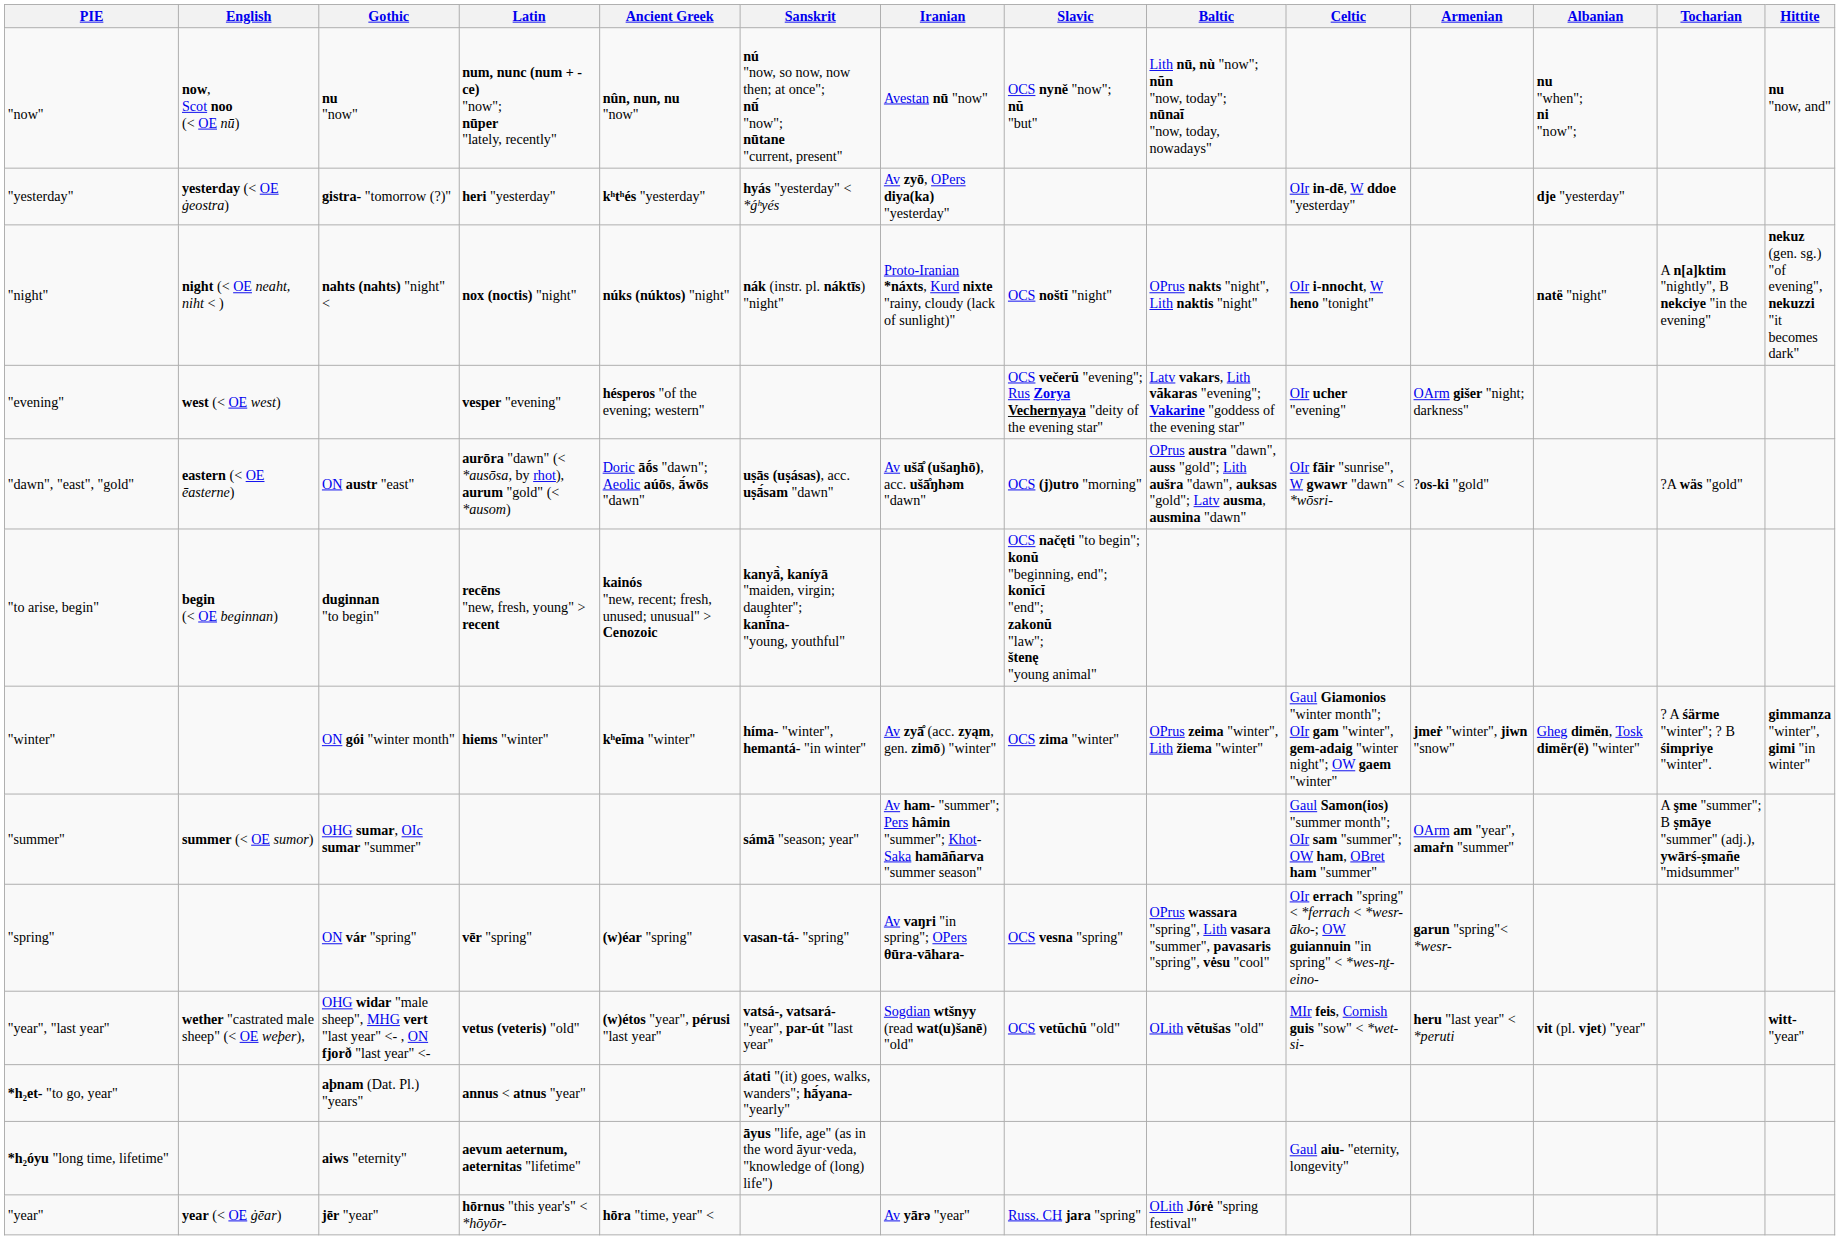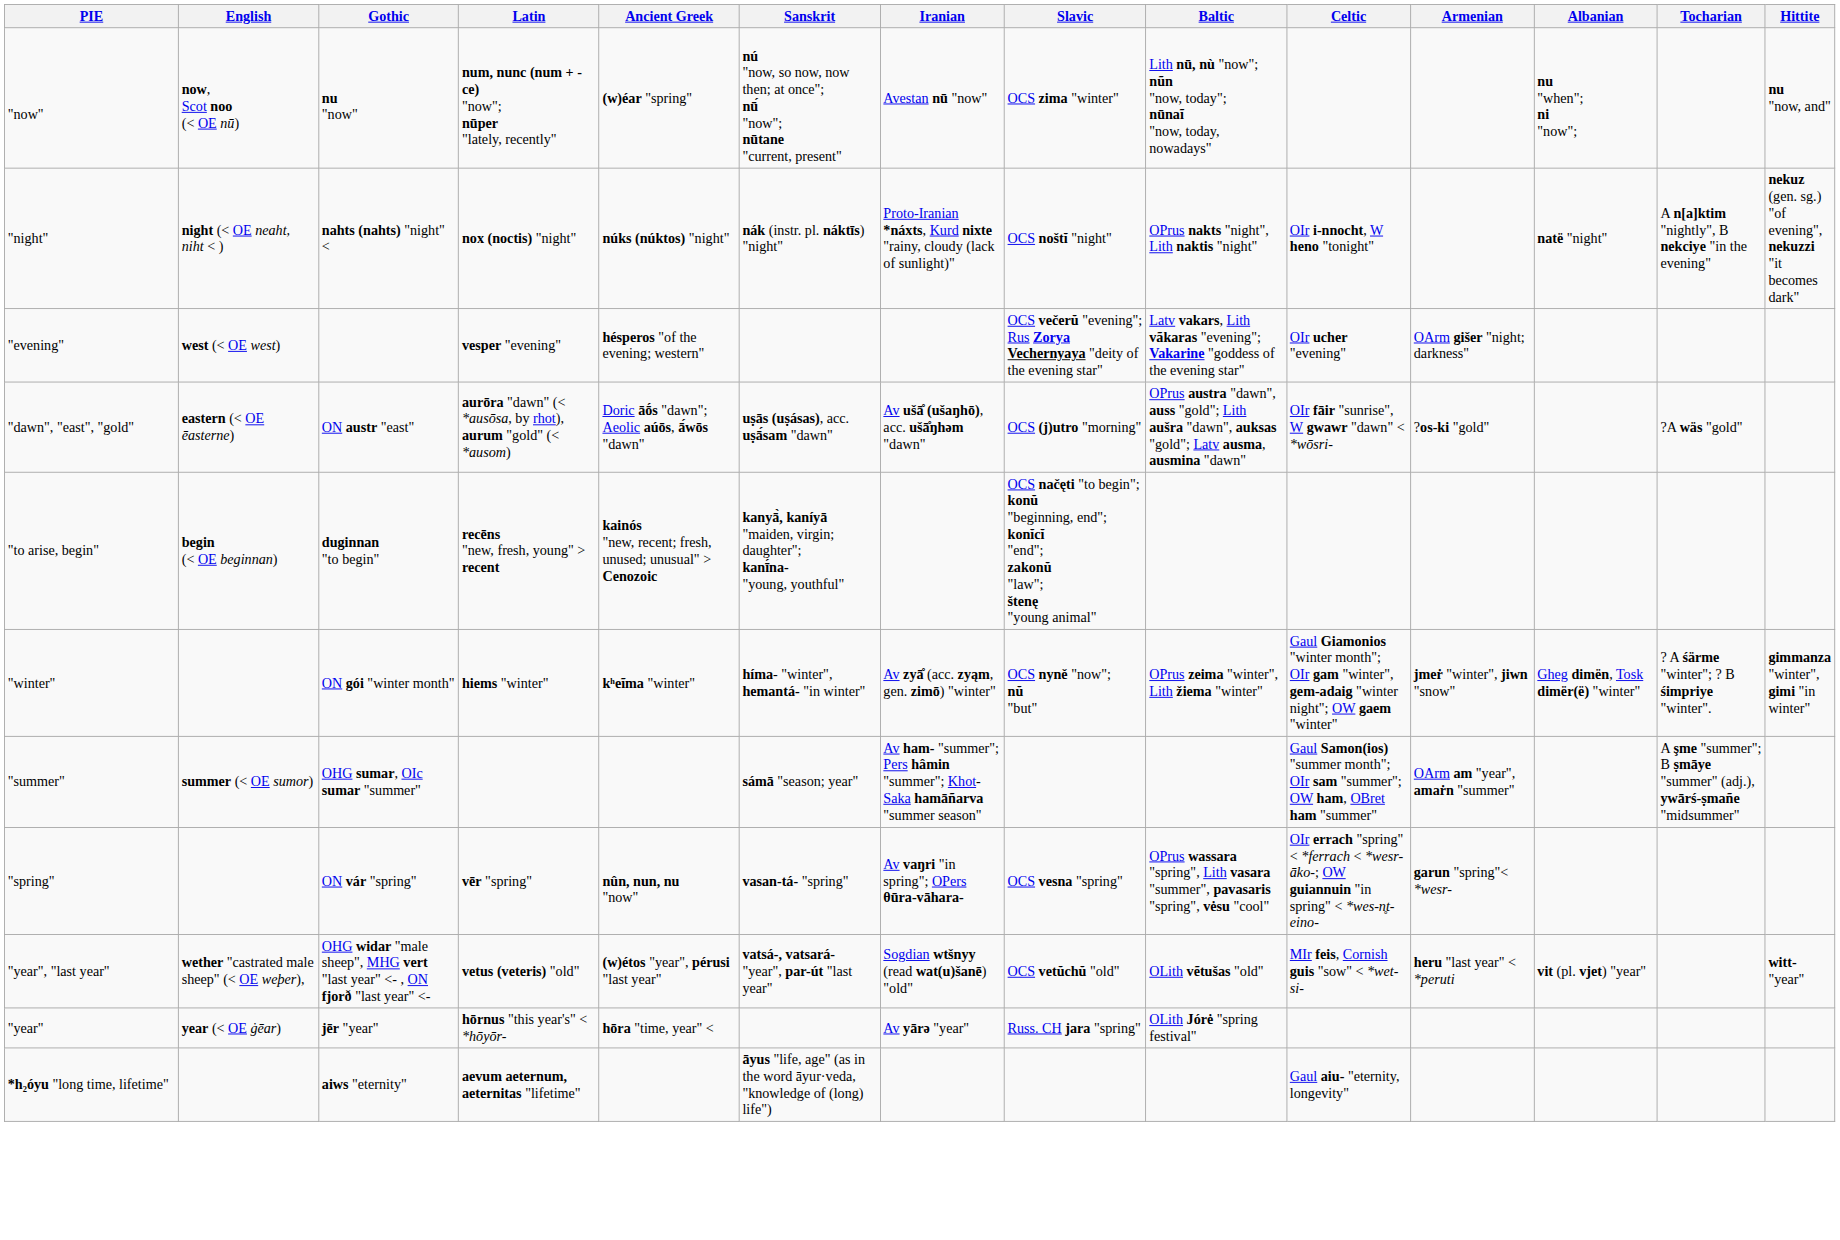 <table class="wikitable sticky-header" style="font-size:95%;">
 <tr>
 <th width="10%"><a href='#'>PIE</a></th>
 <th width="8%"><a href='#'>English</a></th>
 <th width="8%"><a href='#'>Gothic</a></th>
 <th width="8%"><a href='#'>Latin</a></th>
 <th width="8%"><a href='#'>Ancient Greek</a></th>
 <th width="8%"><a href='#'>Sanskrit</a></th>
 <th width="7%"><a href='#'>Iranian</a></th>
 <th width="8%"><a href='#'>Slavic</a></th>
 <th width="8%"><a href='#'>Baltic</a></th>
 <th width="7%"><a href='#'>Celtic</a></th>
 <th width="7%"><a href='#'>Armenian</a></th>
 <th width="7%"><a href='#'>Albanian</a></th>
 <th width="7%"><a href='#'>Tocharian</a></th>
 <th width="7%"><a href='#'>Hittite</a></th>
 </tr>
 <tr>
 <td><br>  <strong></strong><br> "now" <br>    </td>
 <td><br><strong>now</strong>, <br><a href='#'>Scot</a> <strong>noo</strong> <br> (< <a href='#'>OE</a> <em>nū</em>)</td>
 <td><br><strong>nu</strong><br> "now"</td>
 <td><br><strong>num, nunc (num + -ce)</strong><br> "now"; <br> <strong>nūper</strong><br> "lately, recently"</td>
-<td><br><strong>nûn, nun, nu</strong><br> "now"</td>
+<td><strong>(w)éar</strong> "spring"</td>
 <td><br><strong>nú</strong><br> "now, so now, now then; at once";<br> <strong>nū́</strong><br> "now";<br> <strong>nūtane</strong><br> "current, present"</td>
 <td><a href='#'>Avestan</a> <strong>nū</strong> "now"</td>
-<td><br><a href='#'>OCS</a>  <strong>nyně</strong> "now";<br> <strong>nŭ</strong><br> "but"</td>
+<td><a href='#'>OCS</a> <strong>zima</strong> "winter"</td>
 <td><br><a href='#'>Lith</a> <strong> nū, nù</strong> "now";<br> <strong>nũn</strong><br> "now, today";<br> <strong>nūnaĩ</strong><br> "now, today, nowadays"</td>
 <td></td>
 <td></td>
 <td><br><strong>nu</strong><br> "when";<br>  <strong>ni</strong><br> "now";<br></td>
 <td></td>
 <td><strong>nu</strong><br> "now, and"</td>
-</tr>
-<tr>
-<td><strong></strong> "yesterday"</td>
-<td><strong>yesterday</strong> (< <a href='#'>OE</a> <em>ġeostra</em>)</td>
-<td><strong>gistra-</strong> "tomorrow (?)"</td>
-<td><strong>heri</strong> "yesterday"</td>
-<td><strong>kʰtʰés</strong> "yesterday"</td>
-<td><strong>hyás</strong> "yesterday" < <em>*ǵʰyés</em></td>
-<td><a href='#'>Av</a> <strong>zyō</strong>, <a href='#'>OPers</a> <strong>diya(ka)</strong> "yesterday"</td>
-<td></td>
-<td></td>
-<td><a href='#'>OIr</a> <strong>in-dē</strong>, <a href='#'>W</a> <strong>ddoe</strong> "yesterday"</td>
-<td></td>
-<td><strong>dje</strong> "yesterday"</td>
-<td></td>
-<td></td>
 </tr>
 <tr>
 <td><strong></strong> "night"</td>
 <td><strong>night</strong> (< <a href='#'>OE</a> <em>neaht, niht</em> < <em></em>)</td>
 <td><strong>nahts (nahts)</strong> "night" < <em></em></td>
 <td><strong>nox (noctis)</strong> "night"</td>
 <td><strong>núks (núktos)</strong> "night"</td>
 <td><strong>nák</strong> (instr. pl. <strong>náktīs</strong>) "night"</td>
 <td><a href='#'>Proto-Iranian</a> <strong>*náxts</strong>, <a href='#'>Kurd</a> <strong>nixte</strong> "rainy, cloudy (lack of sunlight)"</td>
 <td><a href='#'>OCS</a> <strong>noštĭ</strong> "night"</td>
 <td><a href='#'>OPrus</a> <strong>nakts</strong> "night", <a href='#'>Lith</a> <strong>naktis</strong> "night"</td>
 <td><a href='#'>OIr</a> <strong>i-nnocht</strong>, <a href='#'>W</a> <strong>heno</strong> "tonight"</td>
 <td></td>
 <td><strong>natë</strong> "night"</td>
 <td>A <strong>n[a]ktim</strong> "nightly", B <strong>nekciye</strong> "in the evening"</td>
 <td><strong>nekuz</strong> (gen. sg.) "of evening", <strong>nekuzzi</strong> "it becomes dark"</td>
 </tr>
 <tr>
 <td><strong></strong> "evening"</td>
 <td><strong>west</strong> (< <a href='#'>OE</a> <em>west</em>)</td>
 <td></td>
 <td><strong>vesper</strong> "evening"</td>
 <td><strong>hésperos</strong> "of the evening; western"</td>
 <td></td>
 <td></td>
 <td><a href='#'>OCS</a> <strong>večerŭ</strong> "evening"; <a href='#'>Rus</a> <strong><a href='#'>Zorya</a> <u>Vechernyaya</u></strong> "deity of the evening star"</td>
 <td><a href='#'>Latv</a> <strong>vakars</strong>, <a href='#'>Lith</a> <strong>vãkaras</strong> "evening"; <strong><a href='#'>Vakarine</a></strong> "goddess of the evening star"</td>
 <td><a href='#'>OIr</a> <strong>ucher</strong> "evening"</td>
 <td><a href='#'>OArm</a> <strong>gišer</strong> "night; darkness"</td>
 <td></td>
 <td></td>
 <td></td>
 </tr>
 <tr>
 <td><strong></strong> "dawn", <strong></strong> "east", <strong></strong> "gold"</td>
 <td><strong>eastern</strong> (< <a href='#'>OE</a> <em>ēasterne</em>)</td>
 <td><a href='#'>ON</a> <strong>austr</strong> "east"</td>
 <td><strong>aurōra</strong> "dawn" (< <em>*ausōsa</em>, by <a href='#'>rhot</a>), <strong>aurum</strong> "gold" (< <em>*ausom</em>)</td>
 <td><a href='#'>Doric</a> <strong>āṓs</strong> "dawn"; <a href='#'>Aeolic</a> <strong>aúōs</strong>, <strong>ā́wōs</strong> "dawn"</td>
 <td><strong>uṣās (uṣásas)</strong>, acc. <strong>uṣā́sam</strong> "dawn"</td>
 <td><a href='#'>Av</a> <strong>ušā̊ (ušaŋhō)</strong>, acc. <strong>ušā̊ŋhǝm</strong> "dawn"</td>
 <td><a href='#'>OCS</a> <strong>(j)utro</strong> "morning"</td>
 <td><a href='#'>OPrus</a> <strong>austra</strong> "dawn", <strong>auss</strong> "gold"; <a href='#'>Lith</a> <strong>aušra</strong> "dawn", <strong>auksas</strong> "gold"; <a href='#'>Latv</a> <strong>ausma</strong>, <strong>ausmina</strong> "dawn"</td>
 <td><a href='#'>OIr</a> <strong>fāir</strong> "sunrise", <a href='#'>W</a> <strong>gwawr</strong> "dawn" < <em>*wōsri-</em></td>
 <td>?<strong>os-ki</strong> "gold"</td>
 <td></td>
 <td>?A <strong>wäs</strong> "gold"</td>
 <td></td>
 </tr>
 <tr>
 <td> <strong></strong><br> "to arise, begin" <br><br></td>
 <td><strong>begin</strong> <br> (< <a href='#'>OE</a> <em>beginnan</em>)</td>
 <td><strong>duginnan</strong><br> "to begin"</td>
 <td><strong>recēns</strong><br> "new, fresh, young" > <strong>recent</strong></td>
 <td><strong>kainós</strong><br> "new, recent; fresh, unused; unusual" > <strong>Cenozoic</strong></td>
 <td><strong>kanyā̀, kaníyā</strong><br> "maiden, virgin; daughter";<br><strong>kanī́na-</strong><br> "young, youthful"</td>
 <td></td>
 <td><a href='#'>OCS</a> <strong>načęti</strong> "to begin";<br><strong>konŭ</strong><br> "beginning, end";<br><strong>konĭcĭ</strong><br> "end";<br><strong>zakonŭ</strong><br> "law";<br><strong>štenę</strong><br> "young animal"</td>
 <td></td>
 <td></td>
 <td></td>
 <td></td>
 <td></td>
 <td></td>
 </tr>
 <tr>
 <td><strong></strong> "winter"</td>
 <td></td>
 <td><a href='#'>ON</a> <strong>gói</strong> "winter month"</td>
 <td><strong>hiems</strong> "winter"</td>
 <td><strong>kʰeĩma</strong> "winter"</td>
 <td><strong>híma</strong>- "winter", <strong>hemantá-</strong> "in winter"</td>
 <td><a href='#'>Av</a> <strong>zyā̊</strong> (acc. <strong>zyąm</strong>, gen. <strong>zimō</strong>) "winter"</td>
-<td><a href='#'>OCS</a> <strong>zima</strong> "winter"</td>
+<td><br><a href='#'>OCS</a>  <strong>nyně</strong> "now";<br> <strong>nŭ</strong><br> "but"</td>
 <td><a href='#'>OPrus</a> <strong>zeima</strong> "winter", <a href='#'>Lith</a> <strong>žiema</strong> "winter"</td>
 <td><a href='#'>Gaul</a> <strong>Giamonios</strong> "winter month";<br><a href='#'>OIr</a> <strong>gam</strong> "winter", <strong>gem-adaig</strong> "winter night"; <a href='#'>OW</a> <strong>gaem</strong> "winter"</td>
 <td><strong>jmeṙ</strong> "winter", <strong>jiwn</strong> "snow"</td>
 <td><a href='#'>Gheg</a> <strong>dimën</strong>, <a href='#'>Tosk</a> <strong>dimër(ë)</strong> "winter"</td>
 <td>? A <strong>śärme</strong> "winter"; ? B <strong>śimpriye</strong> "winter".</td>
 <td><strong>gimmanza</strong> "winter", <strong>gimi</strong> "in winter"</td>
 </tr>
 <tr>
 <td><strong></strong> "summer"</td>
 <td><strong>summer</strong> (< <a href='#'>OE</a> <em>sumor</em>)</td>
 <td><a href='#'>OHG</a> <strong>sumar</strong>, <a href='#'>OIc</a> <strong>sumar</strong> "summer"</td>
 <td></td>
 <td></td>
 <td><strong>sámā</strong> "season; year"</td>
 <td><a href='#'>Av</a> <strong>ham-</strong> "summer"; <a href='#'>Pers</a> <strong>hâmin</strong> "summer"; <a href='#'>Khot</a>-<a href='#'>Saka</a> <strong>hamāñarva</strong> "summer season"</td>
 <td></td>
 <td></td>
 <td><a href='#'>Gaul</a> <strong>Samon(ios)</strong> "summer month";<br><a href='#'>OIr</a> <strong>sam</strong> "summer"; <a href='#'>OW</a> <strong>ham</strong>, <a href='#'>OBret</a> <strong>ham</strong> "summer"</td>
 <td><a href='#'>OArm</a> <strong>am</strong> "year", <strong>amaṙn</strong> "summer"</td>
 <td></td>
 <td>A <strong>şme</strong> "summer"; B <strong>ṣmāye</strong> "summer" (adj.), <strong>ywārś-ṣmañe</strong> "midsummer"</td>
 <td></td>
 </tr>
 <tr>
 <td><strong></strong> "spring"</td>
 <td></td>
 <td><a href='#'>ON</a> <strong>vár</strong> "spring"</td>
 <td><strong>vēr</strong> "spring"</td>
-<td><strong>(w)éar</strong> "spring"</td>
+<td><br><strong>nûn, nun, nu</strong><br> "now"</td>
 <td><strong>vasan-tá-</strong> "spring"</td>
 <td><a href='#'>Av</a> <strong>vaŋri</strong> "in spring"; <a href='#'>OPers</a> <strong>θūra-vāhara-</strong></td>
 <td><a href='#'>OCS</a> <strong>vesna</strong> "spring"</td>
 <td><a href='#'>OPrus</a> <strong>wassara</strong> "spring", <a href='#'>Lith</a> <strong>vasara</strong> "summer", <strong>pavasaris</strong> "spring", <strong>vėsu</strong> "cool"</td>
 <td><a href='#'>OIr</a> <strong>errach</strong> "spring"< <em>*ferrach</em> < <em>*wesr-āko-</em>; <a href='#'>OW</a> <strong>guiannuin</strong> "in spring" < <em>*wes-n̥t-eino-</em></td>
 <td><strong>garun</strong> "spring"< <em>*wesr-</em></td>
 <td></td>
 <td></td>
 <td></td>
 </tr>
 <tr>
 <td><strong></strong> "year", <strong></strong> "last year"</td>
 <td><strong>wether</strong> "castrated male sheep" (< <a href='#'>OE</a> <em>weþer</em>),</td>
 <td><a href='#'>OHG</a> <strong>widar</strong> "male sheep", <a href='#'>MHG</a> <strong>vert</strong> "last year" <- <strong></strong>, <a href='#'>ON</a> <strong>fjorð</strong> "last year" <- <strong></strong></td>
 <td><strong>vetus (veteris)</strong> "old"</td>
 <td><strong>(w)étos</strong> "year", <strong>pérusi</strong> "last year"</td>
 <td><strong>vatsá-, vatsará-</strong> "year", <strong>par-út</strong> "last year"</td>
 <td><a href='#'>Sogdian</a> <strong>wtšnyy</strong> (read <strong>wat(u)šanē</strong>) "old"</td>
 <td><a href='#'>OCS</a> <strong>vetŭchŭ</strong> "old"</td>
 <td><a href='#'>OLith</a> <strong>vẽtušas</strong> "old"</td>
 <td><a href='#'>MIr</a> <strong>feis</strong>, <a href='#'>Cornish</a> <strong>guis</strong> "sow" < <em>*wet-si-</em></td>
 <td><strong>heru</strong> "last year" < <em>*peruti</em></td>
 <td><strong>vit</strong> (pl. <strong>vjet</strong>) "year"</td>
 <td></td>
 <td><strong>witt-</strong> "year"</td>
 </tr>
 <tr>
-<td><strong>*h₂et-</strong> "to go, year"</td>
+<td><strong></strong> "year"</td>
+<td><strong>year</strong> (< <a href='#'>OE</a> <em>ġēar</em>)</td>
+<td><strong>jēr</strong> "year"</td>
+<td><strong>hōrnus</strong> "this year's" < <em>*hōyōr-</em></td>
+<td><strong>hōra</strong> "time, year" < <em></em></td>
 <td></td>
-<td><strong>aþnam</strong> (Dat. Pl.) "years"</td>
-<td><strong>annus</strong> < <strong>atnus</strong> "year"</td>
-<td></td>
-<td><strong>átati</strong> "(it) goes, walks, wanders"; <strong>hā́yana-</strong> "yearly"</td>
-<td></td>
-<td></td>
-<td></td>
+<td><a href='#'>Av</a> <strong>yārə</strong> "year"</td>
+<td><a href='#'>Russ. CH</a> <strong>jara</strong> "spring"</td>
+<td><a href='#'>OLith</a> <strong>Jórė</strong> "spring festival"</td>
 <td></td>
 <td></td>
 <td></td>
 <td></td>
 <td></td>
 </tr>
 <tr>
 <td><strong>*h₂óyu</strong> "long time, lifetime"</td>
 <td></td>
 <td><strong>aiws</strong> "eternity"</td>
 <td><strong>aevum</strong> <strong>aeternum, aeternitas</strong> "lifetime"</td>
 <td></td>
 <td><strong>āyus</strong> "life, age" (as in the word āyur·veda, "knowledge of (long) life")</td>
 <td></td>
 <td></td>
 <td></td>
 <td><a href='#'>Gaul</a> <strong>aiu-</strong> "eternity, longevity"</td>
 <td></td>
 <td></td>
 <td></td>
 <td></td>
 </tr>
-<tr>
-<td><strong></strong> "year"</td>
-<td><strong>year</strong> (< <a href='#'>OE</a> <em>ġēar</em>)</td>
-<td><strong>jēr</strong> "year"</td>
-<td><strong>hōrnus</strong> "this year's" < <em>*hōyōr-</em></td>
-<td><strong>hōra</strong> "time, year" < <em></em></td>
-<td></td>
-<td><a href='#'>Av</a> <strong>yārə</strong> "year"</td>
-<td><a href='#'>Russ. CH</a> <strong>jara</strong> "spring"</td>
-<td><a href='#'>OLith</a> <strong>Jórė</strong> "spring festival"</td>
-<td></td>
-<td></td>
-<td></td>
-<td></td>
-<td></td>
-</tr>
 </table>
